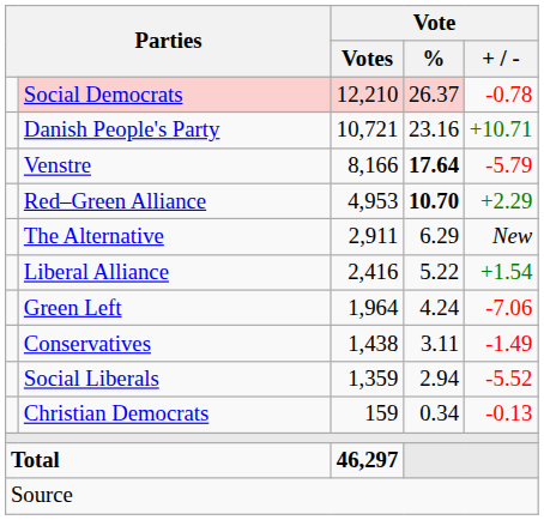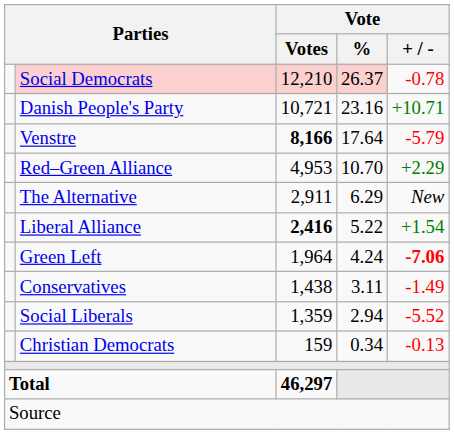 <table class="wikitable" style="text-align:right;">
 <tr>
 <th style="text-align:centre;" rowspan="2" colspan="2" width="225">Parties</th>
 <th colspan="3">Vote</th>
 </tr>
 <tr>
 <th width="15">Votes</th>
 <th width="15">%</th>
 <th width="15">+ / -</th>
 </tr>
 <tr>
 <td width="2" style="color:inherit;background:"></td>
 <td bgcolor=#fbd0ce  align="left"><a href='#'>Social Democrats</a></td>
 <td bgcolor=#fbd0ce>12,210</td>
 <td bgcolor=#fbd0ce>26.37</td>
 <td style=color:red;>-0.78</td>
 </tr>
 <tr>
 <td width="2" style="color:inherit;background:"></td>
 <td align="left"><a href='#'>Danish People's Party</a></td>
 <td>10,721</td>
 <td>23.16</td>
 <td style=color:green;>+10.71</td>
 </tr>
 <tr>
 <td width="2" style="color:inherit;background:"></td>
 <td align="left"><a href='#'>Venstre</a></td>
-<td>8,166</td>
-<td><strong>17.64</strong></td>
+<td><strong>8,166</strong></td>
+<td>17.64</td>
 <td style=color:red;>-5.79</td>
 </tr>
 <tr>
 <td width="2" style="color:inherit;background:"></td>
 <td align="left"><a href='#'>Red–Green Alliance</a></td>
 <td>4,953</td>
-<td><strong>10.70</strong></td>
+<td>10.70</td>
 <td style=color:green;>+2.29</td>
 </tr>
 <tr>
 <td width="2" style="color:inherit;background:"></td>
 <td align="left"><a href='#'>The Alternative</a></td>
 <td>2,911</td>
 <td>6.29</td>
 <td><em>New</em></td>
 </tr>
 <tr>
 <td width="2" style="color:inherit;background:"></td>
 <td align="left"><a href='#'>Liberal Alliance</a></td>
-<td>2,416</td>
+<td><strong>2,416</strong></td>
 <td>5.22</td>
 <td style=color:green;>+1.54</td>
 </tr>
 <tr>
 <td width="2" style="color:inherit;background:"></td>
 <td align="left"><a href='#'>Green Left</a></td>
 <td>1,964</td>
 <td>4.24</td>
-<td style=color:red;>-7.06</td>
+<td style=color:red;><strong>-7.06</strong></td>
 </tr>
 <tr>
 <td width="2" style="color:inherit;background:"></td>
 <td align="left"><a href='#'>Conservatives</a></td>
 <td>1,438</td>
 <td>3.11</td>
 <td style=color:red;>-1.49</td>
 </tr>
 <tr>
 <td width="2" style="color:inherit;background:"></td>
 <td align="left"><a href='#'>Social Liberals</a></td>
 <td>1,359</td>
 <td>2.94</td>
 <td style=color:red;>-5.52</td>
 </tr>
 <tr>
 <td width="2" style="color:inherit;background:"></td>
 <td align="left"><a href='#'>Christian Democrats</a></td>
 <td>159</td>
 <td>0.34</td>
 <td style=color:red;>-0.13</td>
 </tr>
 <tr>
 <td colspan="7" bgcolor="#E9E9E9"></td>
 </tr>
 <tr>
 <td align="left" colspan="2"><strong>Total</strong></td>
 <td><strong>46,297</strong></td>
 <td bgcolor="#E9E9E9" colspan="2"></td>
 </tr>
 <tr>
 <td align="left" colspan="6">Source</td>
 </tr>
 </table>
